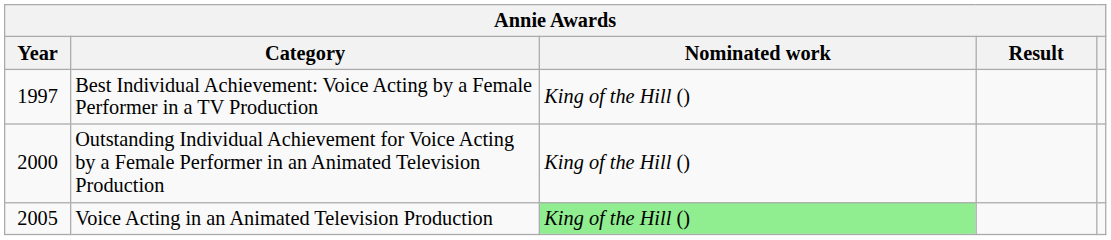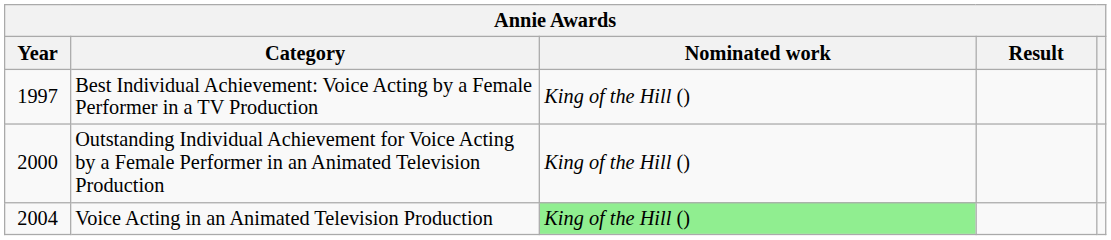 <table style-"width:80%;" class="wikitable">
 <tr>
 <th colspan="5" style="text-align:center;">Annie Awards</th>
 </tr>
 <tr>
 <th width="6%" scope="col">Year</th>
 <th width="43%" scope="col">Category</th>
 <th width="40%" scope="col">Nominated work</th>
 <th width="11%" scope="col">Result</th>
 <th></th>
 </tr>
 <tr>
 <td style="text-align:center;">1997</td>
 <td>Best Individual Achievement: Voice Acting by a Female Performer in a TV Production</td>
 <td><em>King of the Hill</em> ()</td>
 <td></td>
 <td></td>
 </tr>
 <tr>
 <td style="text-align:center;">2000</td>
 <td>Outstanding Individual Achievement for Voice Acting by a Female Performer in an Animated Television Production</td>
 <td><em>King of the Hill</em> ()</td>
 <td></td>
 <td></td>
 </tr>
 <tr>
-<td style="text-align:center;">2005</td>
+<td style="text-align:center;">2004</td>
 <td>Voice Acting in an Animated Television Production</td>
 <td style="background: lightgreen;"><em>King of the Hill</em> ()</td>
 <td></td>
 <td></td>
 </tr>
 </table>
